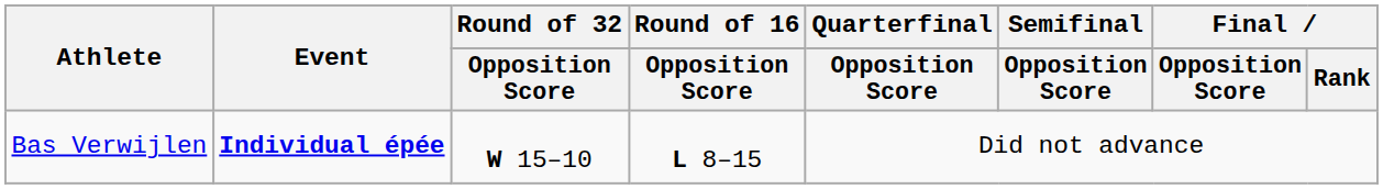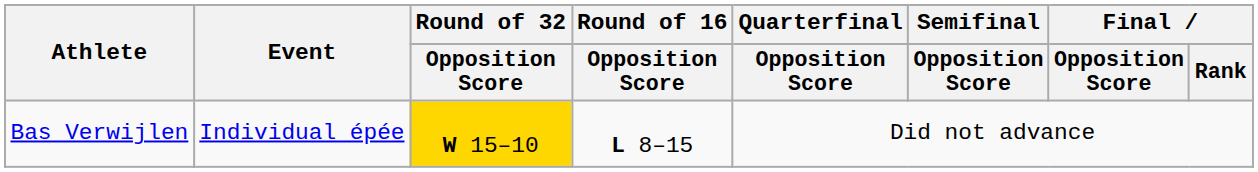 <table class="wikitable" style="font-size:90%">
 <tr>
 <th rowspan="2">Athlete</th>
 <th rowspan="2">Event</th>
 <th>Round of 32</th>
 <th>Round of 16</th>
 <th>Quarterfinal</th>
 <th>Semifinal</th>
 <th colspan=2>Final / </th>
 </tr>
 <tr style="font-size:95%">
 <th>Opposition <br> Score</th>
 <th>Opposition <br> Score</th>
 <th>Opposition <br> Score</th>
 <th>Opposition <br> Score</th>
 <th>Opposition <br> Score</th>
 <th>Rank</th>
 </tr>
 <tr align=center>
 <td align=left><a href='#'>Bas Verwijlen</a></td>
-<td align=left><strong><a href='#'>Individual épée</a></strong></td>
-<td><br><strong>W</strong> 15–10</td>
+<td align=left><a href='#'>Individual épée</a></td>
+<td style="background: gold;"><br><strong>W</strong> 15–10</td>
 <td><br><strong>L</strong> 8–15</td>
 <td colspan=4>Did not advance</td>
 </tr>
 </table>
